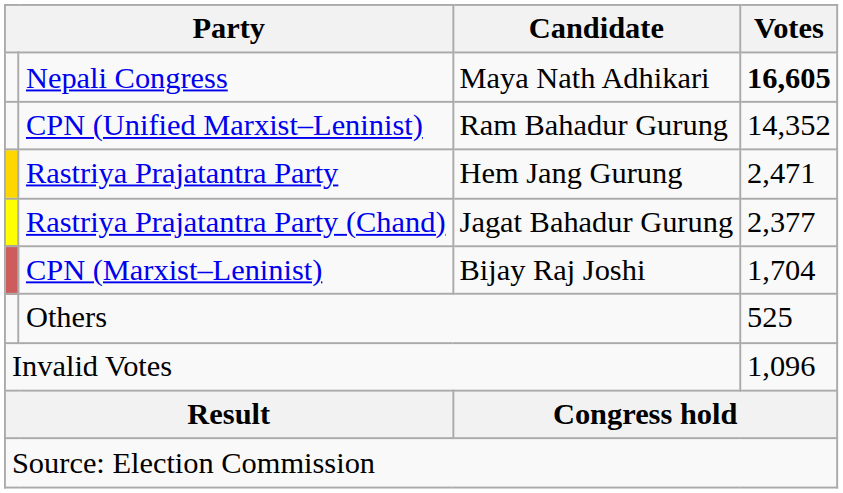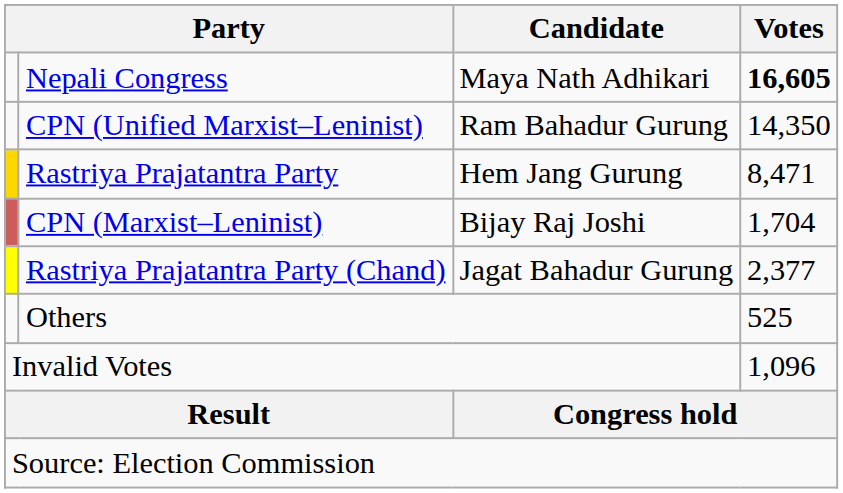 <table class="wikitable">
 <tr>
 <th colspan="2">Party</th>
 <th>Candidate</th>
 <th>Votes</th>
 </tr>
 <tr>
 <td style="background-color:"></td>
 <td><a href='#'>Nepali Congress</a></td>
 <td>Maya Nath Adhikari</td>
 <td><strong>16,605</strong></td>
 </tr>
 <tr>
 <td style="background-color:"></td>
 <td><a href='#'>CPN (Unified Marxist–Leninist)</a></td>
 <td>Ram Bahadur Gurung</td>
-<td>14,352</td>
+<td>14,350</td>
 </tr>
 <tr>
 <td style="background-color:gold"></td>
 <td><a href='#'>Rastriya Prajatantra Party</a></td>
 <td>Hem Jang Gurung</td>
-<td>2,471</td>
+<td>8,471</td>
+</tr>
+<tr>
+<td style="background-color:indianred"></td>
+<td><a href='#'>CPN (Marxist–Leninist)</a></td>
+<td>Bijay Raj Joshi</td>
+<td>1,704</td>
 </tr>
 <tr>
 <td style="background-color:yellow"></td>
 <td><a href='#'>Rastriya Prajatantra Party (Chand)</a></td>
 <td>Jagat Bahadur Gurung</td>
 <td>2,377</td>
-</tr>
-<tr>
-<td style="background-color:indianred"></td>
-<td><a href='#'>CPN (Marxist–Leninist)</a></td>
-<td>Bijay Raj Joshi</td>
-<td>1,704</td>
 </tr>
 <tr>
 <td></td>
 <td colspan="2">Others</td>
 <td>525</td>
 </tr>
 <tr>
 <td colspan="3">Invalid Votes</td>
 <td>1,096</td>
 </tr>
 <tr>
 <th colspan="2">Result</th>
 <th colspan="2">Congress hold</th>
 </tr>
 <tr>
 <td colspan="4">Source: Election Commission</td>
 </tr>
 </table>
